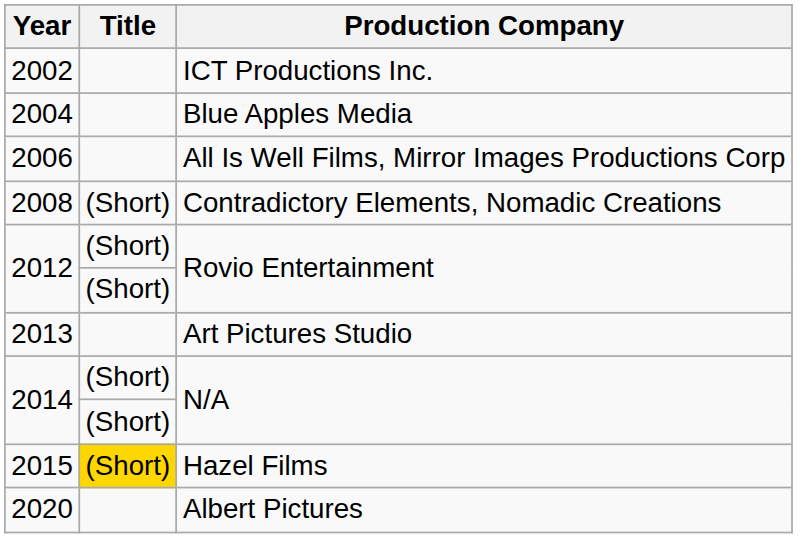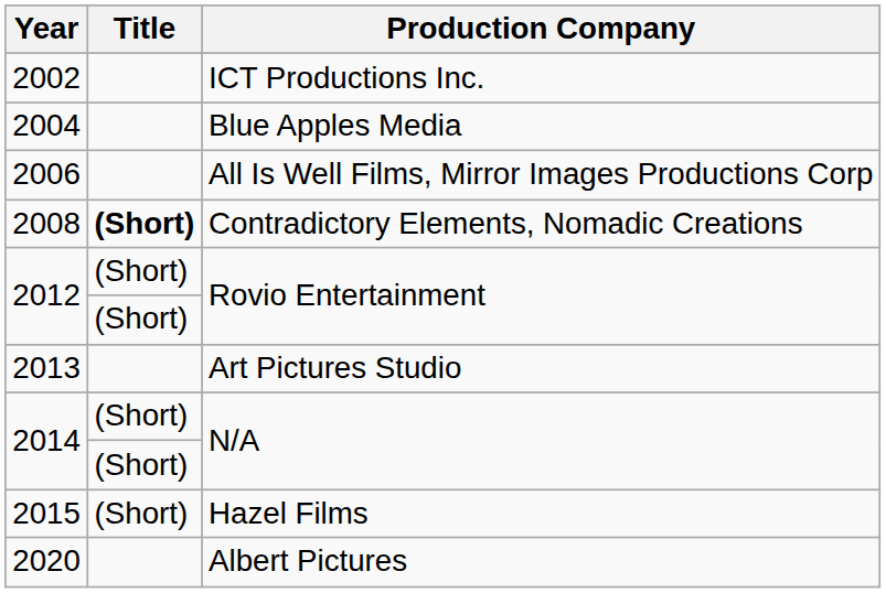 <table class="wikitable">
 <tr>
 <th>Year</th>
 <th>Title</th>
 <th>Production Company</th>
 </tr>
 <tr>
 <td>2002</td>
 <td><em></em></td>
 <td>ICT Productions Inc.</td>
 </tr>
 <tr>
 <td>2004</td>
 <td><em></em></td>
 <td>Blue Apples Media</td>
 </tr>
 <tr>
 <td>2006</td>
 <td><em></em></td>
 <td>All Is Well Films, Mirror Images Productions Corp</td>
 </tr>
 <tr>
 <td>2008</td>
-<td><em></em> (Short)</td>
+<td><strong><em></em> (Short)</strong></td>
 <td>Contradictory Elements, Nomadic Creations</td>
 </tr>
 <tr>
 <td rowspan="2">2012</td>
 <td><em></em> (Short)</td>
 <td rowspan="2">Rovio Entertainment</td>
 </tr>
 <tr>
 <td><em></em> (Short)</td>
 </tr>
 <tr>
 <td>2013</td>
 <td><em></em></td>
 <td>Art Pictures Studio</td>
 </tr>
 <tr>
 <td rowspan="2">2014</td>
 <td><em></em> (Short)</td>
 <td rowspan="2">N/A</td>
 </tr>
 <tr>
 <td><em></em> (Short)</td>
 </tr>
 <tr>
 <td>2015</td>
-<td style="background: gold;"><em></em> (Short)</td>
+<td><em></em> (Short)</td>
 <td>Hazel Films</td>
 </tr>
 <tr>
 <td>2020</td>
 <td><em></em></td>
 <td>Albert Pictures</td>
 </tr>
 </table>
